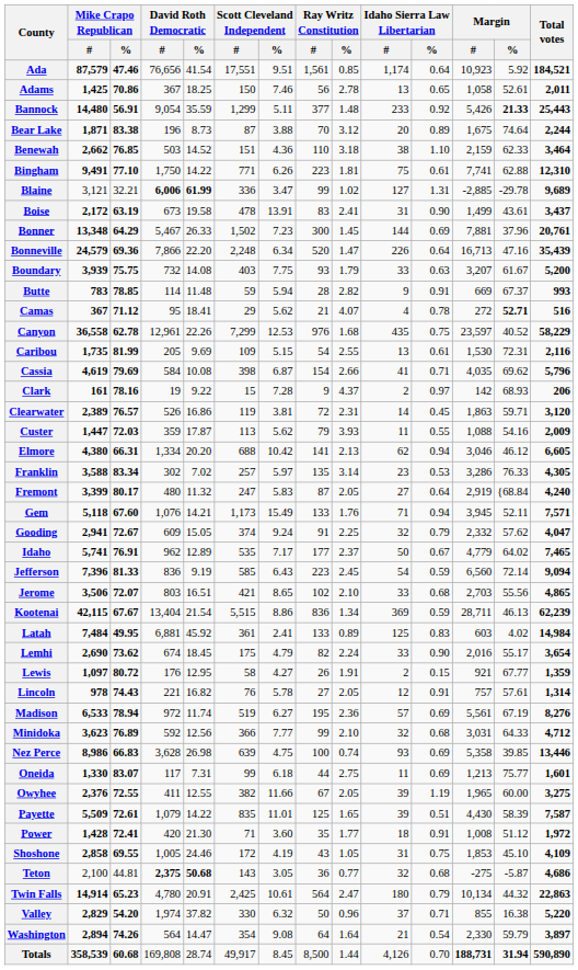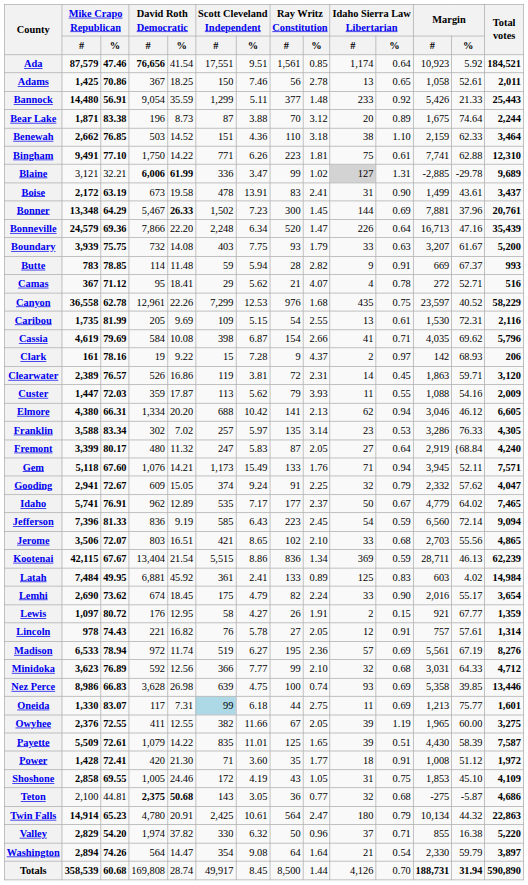 <table class="wikitable sortable" style="text-align:right;font-size:90%;line-height:1.3">
 <tr>
 <th rowspan=2>County</th>
 <th colspan=2><a href='#'>Mike Crapo</a><br><a href='#'>Republican</a></th>
 <th colspan=2>David Roth<br><a href='#'>Democratic</a></th>
 <th colspan=2>Scott Cleveland<br><a href='#'>Independent</a></th>
 <th colspan=2>Ray Writz<br><a href='#'>Constitution</a></th>
 <th colspan=2>Idaho Sierra Law<br><a href='#'>Libertarian</a></th>
 <th colspan=2>Margin</th>
 <th rowspan=2>Total<br>votes</th>
 </tr>
 <tr>
 <th data-sort-type=number>#</th>
 <th data-sort-type=number>%</th>
 <th data-sort-type=number>#</th>
 <th data-sort-type=number>%</th>
 <th data-sort-type=number>#</th>
 <th data-sort-type=number>%</th>
 <th data-sort-type=number>#</th>
 <th data-sort-type=number>%</th>
 <th data-sort-type=number>#</th>
 <th data-sort-type=number>%</th>
 <th data-sort-type=number>#</th>
 <th data-sort-type=number>%</th>
 </tr>
 <tr>
 <th><a href='#'>Ada</a></th>
 <td><strong>87,579</strong></td>
 <td><strong>47.46</strong></td>
-<td>76,656</td>
+<td><strong>76,656</strong></td>
 <td>41.54</td>
 <td>17,551</td>
 <td>9.51</td>
 <td>1,561</td>
 <td>0.85</td>
 <td>1,174</td>
 <td>0.64</td>
 <td>10,923</td>
 <td>5.92</td>
 <td><strong>184,521</strong></td>
 </tr>
 <tr>
 <th><a href='#'>Adams</a></th>
 <td><strong>1,425</strong></td>
 <td><strong>70.86</strong></td>
 <td>367</td>
 <td>18.25</td>
 <td>150</td>
 <td>7.46</td>
 <td>56</td>
 <td>2.78</td>
 <td>13</td>
 <td>0.65</td>
 <td>1,058</td>
 <td>52.61</td>
 <td><strong>2,011</strong></td>
 </tr>
 <tr>
 <th><a href='#'>Bannock</a></th>
 <td><strong>14,480</strong></td>
 <td><strong>56.91</strong></td>
 <td>9,054</td>
 <td>35.59</td>
 <td>1,299</td>
 <td>5.11</td>
 <td>377</td>
 <td>1.48</td>
 <td>233</td>
 <td>0.92</td>
 <td>5,426</td>
-<td><strong>21.33</strong></td>
+<td>21.33</td>
 <td><strong>25,443</strong></td>
 </tr>
 <tr>
 <th><a href='#'>Bear Lake</a></th>
 <td><strong>1,871</strong></td>
 <td><strong>83.38</strong></td>
 <td>196</td>
 <td>8.73</td>
 <td>87</td>
 <td>3.88</td>
 <td>70</td>
 <td>3.12</td>
 <td>20</td>
 <td>0.89</td>
 <td>1,675</td>
 <td>74.64</td>
 <td><strong>2,244</strong></td>
 </tr>
 <tr>
 <th><a href='#'>Benewah</a></th>
 <td><strong>2,662</strong></td>
 <td><strong>76.85</strong></td>
 <td>503</td>
 <td>14.52</td>
 <td>151</td>
 <td>4.36</td>
 <td>110</td>
 <td>3.18</td>
 <td>38</td>
 <td>1.10</td>
 <td>2,159</td>
 <td>62.33</td>
 <td><strong>3,464</strong></td>
 </tr>
 <tr>
 <th><a href='#'>Bingham</a></th>
 <td><strong>9,491</strong></td>
 <td><strong>77.10</strong></td>
 <td>1,750</td>
 <td>14.22</td>
 <td>771</td>
 <td>6.26</td>
 <td>223</td>
 <td>1.81</td>
 <td>75</td>
 <td>0.61</td>
 <td>7,741</td>
 <td>62.88</td>
 <td><strong>12,310</strong></td>
 </tr>
 <tr>
 <th><a href='#'>Blaine</a></th>
 <td>3,121</td>
 <td>32.21</td>
 <td><strong>6,006</strong></td>
 <td><strong>61.99</strong></td>
 <td>336</td>
 <td>3.47</td>
 <td>99</td>
 <td>1.02</td>
-<td>127</td>
+<td style="background: lightgrey;">127</td>
 <td>1.31</td>
 <td>-2,885</td>
 <td>-29.78</td>
 <td><strong>9,689</strong></td>
 </tr>
 <tr>
 <th><a href='#'>Boise</a></th>
 <td><strong>2,172</strong></td>
 <td><strong>63.19</strong></td>
 <td>673</td>
 <td>19.58</td>
 <td>478</td>
 <td>13.91</td>
 <td>83</td>
 <td>2.41</td>
 <td>31</td>
 <td>0.90</td>
 <td>1,499</td>
 <td>43.61</td>
 <td><strong>3,437</strong></td>
 </tr>
 <tr>
 <th><a href='#'>Bonner</a></th>
 <td><strong>13,348</strong></td>
 <td><strong>64.29</strong></td>
 <td>5,467</td>
-<td>26.33</td>
+<td><strong>26.33</strong></td>
 <td>1,502</td>
 <td>7.23</td>
 <td>300</td>
 <td>1.45</td>
 <td>144</td>
 <td>0.69</td>
 <td>7,881</td>
 <td>37.96</td>
 <td><strong>20,761</strong></td>
 </tr>
 <tr>
 <th><a href='#'>Bonneville</a></th>
 <td><strong>24,579</strong></td>
 <td><strong>69.36</strong></td>
 <td>7,866</td>
 <td>22.20</td>
 <td>2,248</td>
 <td>6.34</td>
 <td>520</td>
 <td>1.47</td>
 <td>226</td>
 <td>0.64</td>
 <td>16,713</td>
 <td>47.16</td>
 <td><strong>35,439</strong></td>
 </tr>
 <tr>
 <th><a href='#'>Boundary</a></th>
 <td><strong>3,939</strong></td>
 <td><strong>75.75</strong></td>
 <td>732</td>
 <td>14.08</td>
 <td>403</td>
 <td>7.75</td>
 <td>93</td>
 <td>1.79</td>
 <td>33</td>
 <td>0.63</td>
 <td>3,207</td>
 <td>61.67</td>
 <td><strong>5,200</strong></td>
 </tr>
 <tr>
 <th><a href='#'>Butte</a></th>
 <td><strong>783</strong></td>
 <td><strong>78.85</strong></td>
 <td>114</td>
 <td>11.48</td>
 <td>59</td>
 <td>5.94</td>
 <td>28</td>
 <td>2.82</td>
 <td>9</td>
 <td>0.91</td>
 <td>669</td>
 <td>67.37</td>
 <td><strong>993</strong></td>
 </tr>
 <tr>
 <th><a href='#'>Camas</a></th>
 <td><strong>367</strong></td>
 <td><strong>71.12</strong></td>
 <td>95</td>
 <td>18.41</td>
 <td>29</td>
 <td>5.62</td>
 <td>21</td>
 <td>4.07</td>
 <td>4</td>
 <td>0.78</td>
 <td>272</td>
-<td><strong>52.71</strong></td>
+<td>52.71</td>
 <td><strong>516</strong></td>
 </tr>
 <tr>
 <th><a href='#'>Canyon</a></th>
 <td><strong>36,558</strong></td>
 <td><strong>62.78</strong></td>
 <td>12,961</td>
 <td>22.26</td>
 <td>7,299</td>
 <td>12.53</td>
 <td>976</td>
 <td>1.68</td>
 <td>435</td>
 <td>0.75</td>
 <td>23,597</td>
 <td>40.52</td>
 <td><strong>58,229</strong></td>
 </tr>
 <tr>
 <th><a href='#'>Caribou</a></th>
 <td><strong>1,735</strong></td>
 <td><strong>81.99</strong></td>
 <td>205</td>
 <td>9.69</td>
 <td>109</td>
 <td>5.15</td>
 <td>54</td>
 <td>2.55</td>
 <td>13</td>
 <td>0.61</td>
 <td>1,530</td>
 <td>72.31</td>
 <td><strong>2,116</strong></td>
 </tr>
 <tr>
 <th><a href='#'>Cassia</a></th>
 <td><strong>4,619</strong></td>
 <td><strong>79.69</strong></td>
 <td>584</td>
 <td>10.08</td>
 <td>398</td>
 <td>6.87</td>
 <td>154</td>
 <td>2.66</td>
 <td>41</td>
 <td>0.71</td>
 <td>4,035</td>
 <td>69.62</td>
 <td><strong>5,796</strong></td>
 </tr>
 <tr>
 <th><a href='#'>Clark</a></th>
 <td><strong>161</strong></td>
 <td><strong>78.16</strong></td>
 <td>19</td>
 <td>9.22</td>
 <td>15</td>
 <td>7.28</td>
 <td>9</td>
 <td>4.37</td>
 <td>2</td>
 <td>0.97</td>
 <td>142</td>
 <td>68.93</td>
 <td><strong>206</strong></td>
 </tr>
 <tr>
 <th><a href='#'>Clearwater</a></th>
 <td><strong>2,389</strong></td>
 <td><strong>76.57</strong></td>
 <td>526</td>
 <td>16.86</td>
 <td>119</td>
 <td>3.81</td>
 <td>72</td>
 <td>2.31</td>
 <td>14</td>
 <td>0.45</td>
 <td>1,863</td>
 <td>59.71</td>
 <td><strong>3,120</strong></td>
 </tr>
 <tr>
 <th><a href='#'>Custer</a></th>
 <td><strong>1,447</strong></td>
 <td><strong>72.03</strong></td>
 <td>359</td>
 <td>17.87</td>
 <td>113</td>
 <td>5.62</td>
 <td>79</td>
 <td>3.93</td>
 <td>11</td>
 <td>0.55</td>
 <td>1,088</td>
 <td>54.16</td>
 <td><strong>2,009</strong></td>
 </tr>
 <tr>
 <th><a href='#'>Elmore</a></th>
 <td><strong>4,380</strong></td>
 <td><strong>66.31</strong></td>
 <td>1,334</td>
 <td>20.20</td>
 <td>688</td>
 <td>10.42</td>
 <td>141</td>
 <td>2.13</td>
 <td>62</td>
 <td>0.94</td>
 <td>3,046</td>
 <td>46.12</td>
 <td><strong>6,605</strong></td>
 </tr>
 <tr>
 <th><a href='#'>Franklin</a></th>
 <td><strong>3,588</strong></td>
 <td><strong>83.34</strong></td>
 <td>302</td>
 <td>7.02</td>
 <td>257</td>
 <td>5.97</td>
 <td>135</td>
 <td>3.14</td>
 <td>23</td>
 <td>0.53</td>
 <td>3,286</td>
 <td>76.33</td>
 <td><strong>4,305</strong></td>
 </tr>
 <tr>
 <th><a href='#'>Fremont</a></th>
 <td><strong>3,399</strong></td>
 <td><strong>80.17</strong></td>
 <td>480</td>
 <td>11.32</td>
 <td>247</td>
 <td>5.83</td>
 <td>87</td>
 <td>2.05</td>
 <td>27</td>
 <td>0.64</td>
 <td>2,919</td>
 <td>{68.84</td>
 <td><strong>4,240</strong></td>
 </tr>
 <tr>
 <th><a href='#'>Gem</a></th>
 <td><strong>5,118</strong></td>
 <td><strong>67.60</strong></td>
 <td>1,076</td>
 <td>14.21</td>
 <td>1,173</td>
 <td>15.49</td>
 <td>133</td>
 <td>1.76</td>
 <td>71</td>
 <td>0.94</td>
 <td>3,945</td>
 <td>52.11</td>
 <td><strong>7,571</strong></td>
 </tr>
 <tr>
 <th><a href='#'>Gooding</a></th>
 <td><strong>2,941</strong></td>
 <td><strong>72.67</strong></td>
 <td>609</td>
 <td>15.05</td>
 <td>374</td>
 <td>9.24</td>
 <td>91</td>
 <td>2.25</td>
 <td>32</td>
 <td>0.79</td>
 <td>2,332</td>
 <td>57.62</td>
 <td><strong>4,047</strong></td>
 </tr>
 <tr>
 <th><a href='#'>Idaho</a></th>
 <td><strong>5,741</strong></td>
 <td><strong>76.91</strong></td>
 <td>962</td>
 <td>12.89</td>
 <td>535</td>
 <td>7.17</td>
 <td>177</td>
 <td>2.37</td>
 <td>50</td>
 <td>0.67</td>
 <td>4,779</td>
 <td>64.02</td>
 <td><strong>7,465</strong></td>
 </tr>
 <tr>
 <th><a href='#'>Jefferson</a></th>
 <td><strong>7,396</strong></td>
 <td><strong>81.33</strong></td>
 <td>836</td>
 <td>9.19</td>
 <td>585</td>
 <td>6.43</td>
 <td>223</td>
 <td>2.45</td>
 <td>54</td>
 <td>0.59</td>
 <td>6,560</td>
 <td>72.14</td>
 <td><strong>9,094</strong></td>
 </tr>
 <tr>
 <th><a href='#'>Jerome</a></th>
 <td><strong>3,506</strong></td>
 <td><strong>72.07</strong></td>
 <td>803</td>
 <td>16.51</td>
 <td>421</td>
 <td>8.65</td>
 <td>102</td>
 <td>2.10</td>
 <td>33</td>
 <td>0.68</td>
 <td>2,703</td>
 <td>55.56</td>
 <td><strong>4,865</strong></td>
 </tr>
 <tr>
 <th><a href='#'>Kootenai</a></th>
 <td><strong>42,115</strong></td>
 <td><strong>67.67</strong></td>
 <td>13,404</td>
 <td>21.54</td>
 <td>5,515</td>
 <td>8.86</td>
 <td>836</td>
 <td>1.34</td>
 <td>369</td>
 <td>0.59</td>
 <td>28,711</td>
 <td>46.13</td>
 <td><strong>62,239</strong></td>
 </tr>
 <tr>
 <th><a href='#'>Latah</a></th>
 <td><strong>7,484</strong></td>
 <td><strong>49.95</strong></td>
 <td>6,881</td>
 <td>45.92</td>
 <td>361</td>
 <td>2.41</td>
 <td>133</td>
 <td>0.89</td>
 <td>125</td>
 <td>0.83</td>
 <td>603</td>
 <td>4.02</td>
 <td><strong>14,984</strong></td>
 </tr>
 <tr>
 <th><a href='#'>Lemhi</a></th>
 <td><strong>2,690</strong></td>
 <td><strong>73.62</strong></td>
 <td>674</td>
 <td>18.45</td>
 <td>175</td>
 <td>4.79</td>
 <td>82</td>
 <td>2.24</td>
 <td>33</td>
 <td>0.90</td>
 <td>2,016</td>
 <td>55.17</td>
 <td><strong>3,654</strong></td>
 </tr>
 <tr>
 <th><a href='#'>Lewis</a></th>
 <td><strong>1,097</strong></td>
 <td><strong>80.72</strong></td>
 <td>176</td>
 <td>12.95</td>
 <td>58</td>
 <td>4.27</td>
 <td>26</td>
 <td>1.91</td>
 <td>2</td>
 <td>0.15</td>
 <td>921</td>
 <td>67.77</td>
 <td><strong>1,359</strong></td>
 </tr>
 <tr>
 <th><a href='#'>Lincoln</a></th>
 <td><strong>978</strong></td>
 <td><strong>74.43</strong></td>
 <td>221</td>
 <td>16.82</td>
 <td>76</td>
 <td>5.78</td>
 <td>27</td>
 <td>2.05</td>
 <td>12</td>
 <td>0.91</td>
 <td>757</td>
 <td>57.61</td>
 <td><strong>1,314</strong></td>
 </tr>
 <tr>
 <th><a href='#'>Madison</a></th>
 <td><strong>6,533</strong></td>
 <td><strong>78.94</strong></td>
 <td>972</td>
 <td>11.74</td>
 <td>519</td>
 <td>6.27</td>
 <td>195</td>
 <td>2.36</td>
 <td>57</td>
 <td>0.69</td>
 <td>5,561</td>
 <td>67.19</td>
 <td><strong>8,276</strong></td>
 </tr>
 <tr>
 <th><a href='#'>Minidoka</a></th>
 <td><strong>3,623</strong></td>
 <td><strong>76.89</strong></td>
 <td>592</td>
 <td>12.56</td>
 <td>366</td>
 <td>7.77</td>
 <td>99</td>
 <td>2.10</td>
 <td>32</td>
 <td>0.68</td>
 <td>3,031</td>
 <td>64.33</td>
 <td><strong>4,712</strong></td>
 </tr>
 <tr>
 <th><a href='#'>Nez Perce</a></th>
 <td><strong>8,986</strong></td>
 <td><strong>66.83</strong></td>
 <td>3,628</td>
 <td>26.98</td>
 <td>639</td>
 <td>4.75</td>
 <td>100</td>
 <td>0.74</td>
 <td>93</td>
 <td>0.69</td>
 <td>5,358</td>
 <td>39.85</td>
 <td><strong>13,446</strong></td>
 </tr>
 <tr>
 <th><a href='#'>Oneida</a></th>
 <td><strong>1,330</strong></td>
 <td><strong>83.07</strong></td>
 <td>117</td>
 <td>7.31</td>
-<td>99</td>
+<td style="background: lightblue;">99</td>
 <td>6.18</td>
 <td>44</td>
 <td>2.75</td>
 <td>11</td>
 <td>0.69</td>
 <td>1,213</td>
 <td>75.77</td>
 <td><strong>1,601</strong></td>
 </tr>
 <tr>
 <th><a href='#'>Owyhee</a></th>
 <td><strong>2,376</strong></td>
 <td><strong>72.55</strong></td>
 <td>411</td>
 <td>12.55</td>
 <td>382</td>
 <td>11.66</td>
 <td>67</td>
 <td>2.05</td>
 <td>39</td>
 <td>1.19</td>
 <td>1,965</td>
 <td>60.00</td>
 <td><strong>3,275</strong></td>
 </tr>
 <tr>
 <th><a href='#'>Payette</a></th>
 <td><strong>5,509</strong></td>
 <td><strong>72.61</strong></td>
 <td>1,079</td>
 <td>14.22</td>
 <td>835</td>
 <td>11.01</td>
 <td>125</td>
 <td>1.65</td>
 <td>39</td>
 <td>0.51</td>
 <td>4,430</td>
 <td>58.39</td>
 <td><strong>7,587</strong></td>
 </tr>
 <tr>
 <th><a href='#'>Power</a></th>
 <td><strong>1,428</strong></td>
 <td><strong>72.41</strong></td>
 <td>420</td>
 <td>21.30</td>
 <td>71</td>
 <td>3.60</td>
 <td>35</td>
 <td>1.77</td>
 <td>18</td>
 <td>0.91</td>
 <td>1,008</td>
 <td>51.12</td>
 <td><strong>1,972</strong></td>
 </tr>
 <tr>
 <th><a href='#'>Shoshone</a></th>
 <td><strong>2,858</strong></td>
 <td><strong>69.55</strong></td>
 <td>1,005</td>
 <td>24.46</td>
 <td>172</td>
 <td>4.19</td>
 <td>43</td>
 <td>1.05</td>
 <td>31</td>
 <td>0.75</td>
 <td>1,853</td>
 <td>45.10</td>
 <td><strong>4,109</strong></td>
 </tr>
 <tr>
 <th><a href='#'>Teton</a></th>
 <td>2,100</td>
 <td>44.81</td>
 <td><strong>2,375</strong></td>
 <td><strong>50.68</strong></td>
 <td>143</td>
 <td>3.05</td>
 <td>36</td>
 <td>0.77</td>
 <td>32</td>
 <td>0.68</td>
 <td>-275</td>
 <td>-5.87</td>
 <td><strong>4,686</strong></td>
 </tr>
 <tr>
 <th><a href='#'>Twin Falls</a></th>
 <td><strong>14,914</strong></td>
 <td><strong>65.23</strong></td>
 <td>4,780</td>
 <td>20.91</td>
 <td>2,425</td>
 <td>10.61</td>
 <td>564</td>
 <td>2.47</td>
 <td>180</td>
 <td>0.79</td>
 <td>10,134</td>
 <td>44.32</td>
 <td><strong>22,863</strong></td>
 </tr>
 <tr>
 <th><a href='#'>Valley</a></th>
 <td><strong>2,829</strong></td>
 <td><strong>54.20</strong></td>
 <td>1,974</td>
 <td>37.82</td>
 <td>330</td>
 <td>6.32</td>
 <td>50</td>
 <td>0.96</td>
 <td>37</td>
 <td>0.71</td>
 <td>855</td>
 <td>16.38</td>
 <td><strong>5,220</strong></td>
 </tr>
 <tr>
 <th><a href='#'>Washington</a></th>
 <td><strong>2,894</strong></td>
 <td><strong>74.26</strong></td>
 <td>564</td>
 <td>14.47</td>
 <td>354</td>
 <td>9.08</td>
 <td>64</td>
 <td>1.64</td>
 <td>21</td>
 <td>0.54</td>
 <td>2,330</td>
 <td>59.79</td>
 <td><strong>3,897</strong></td>
 </tr>
 <tr class="sortbottom">
 <th>Totals</th>
 <td><strong>358,539</strong></td>
 <td><strong>60.68</strong></td>
 <td>169,808</td>
 <td>28.74</td>
 <td>49,917</td>
 <td>8.45</td>
 <td>8,500</td>
 <td>1.44</td>
 <td>4,126</td>
 <td>0.70</td>
 <td><strong>188,731</strong></td>
 <td><strong>31.94</strong></td>
 <td><strong>590,890</strong></td>
 </tr>
 </table>
